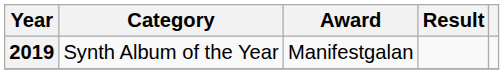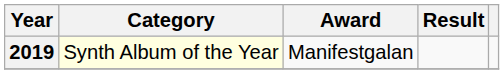 <table class="wikitable sortable plainrowheaders">
 <tr>
 <th scope="col">Year</th>
 <th scope="col">Category</th>
 <th scope="col">Award</th>
 <th scope="col">Result</th>
 <th scope="col"></th>
 </tr>
 <tr>
 <th scope="row">2019</th>
-<td>Synth Album of the Year</td>
+<td style="background: lightyellow;">Synth Album of the Year</td>
 <td>Manifestgalan</td>
 <td></td>
 <td align="center"></td>
 </tr>
 <tr>
 </tr>
 </table>
